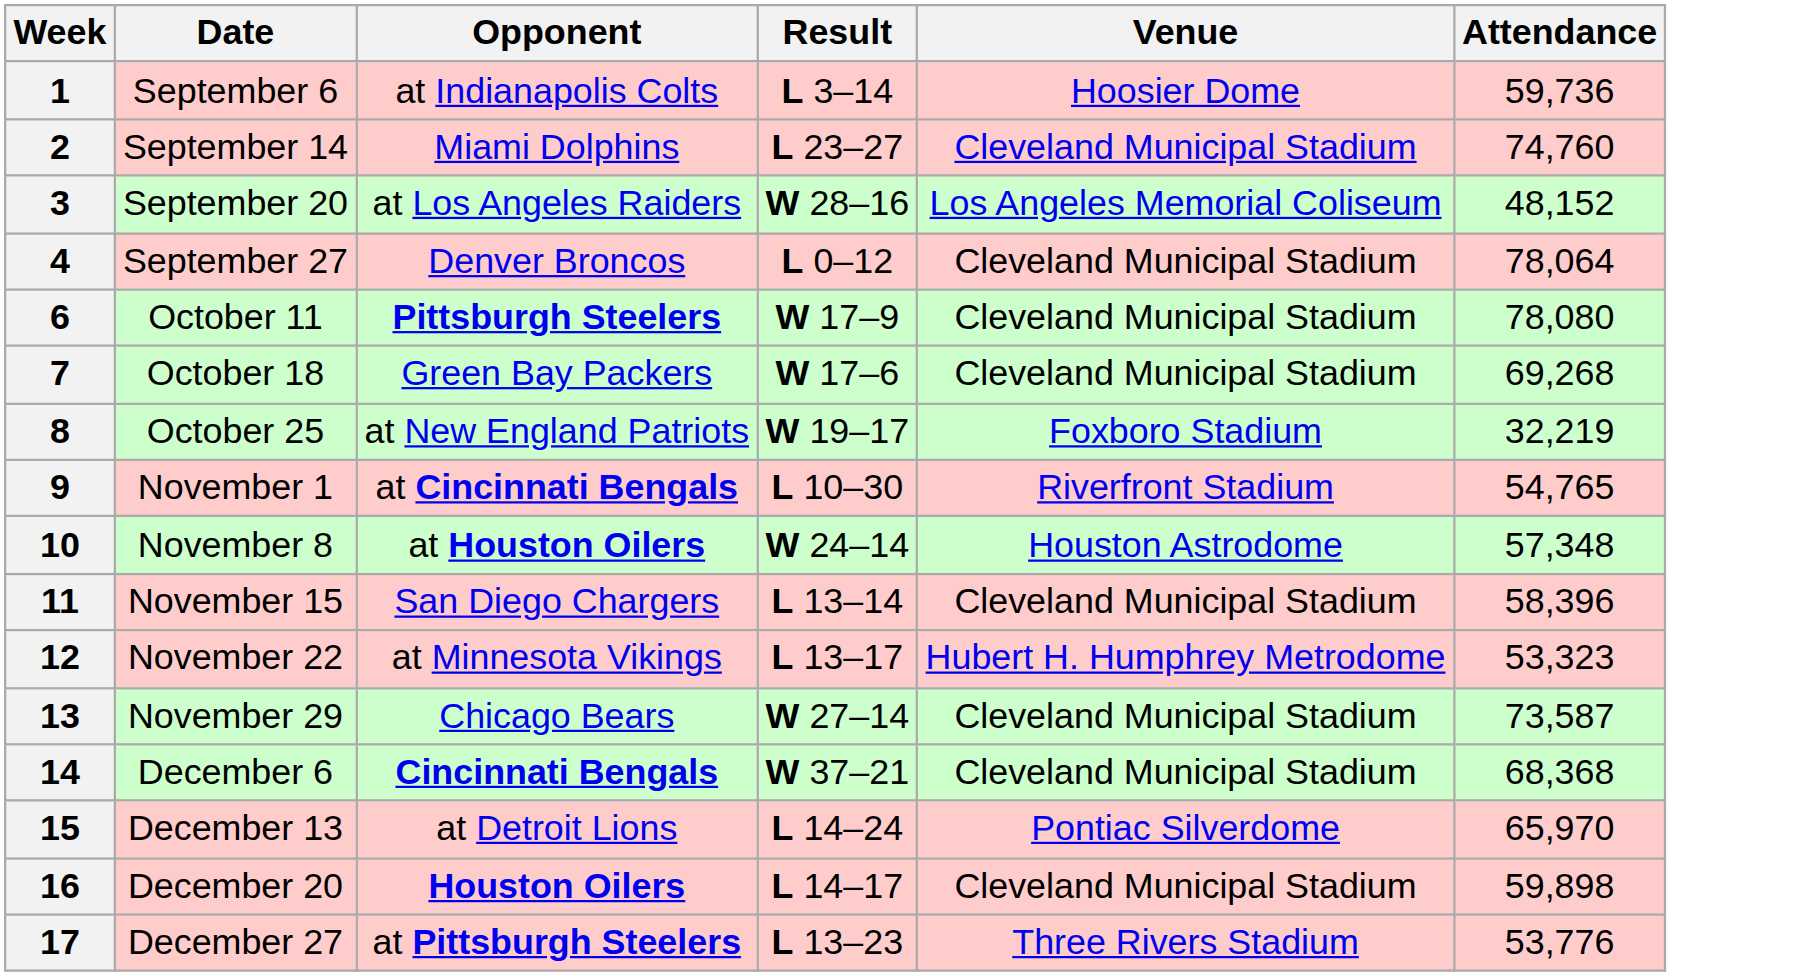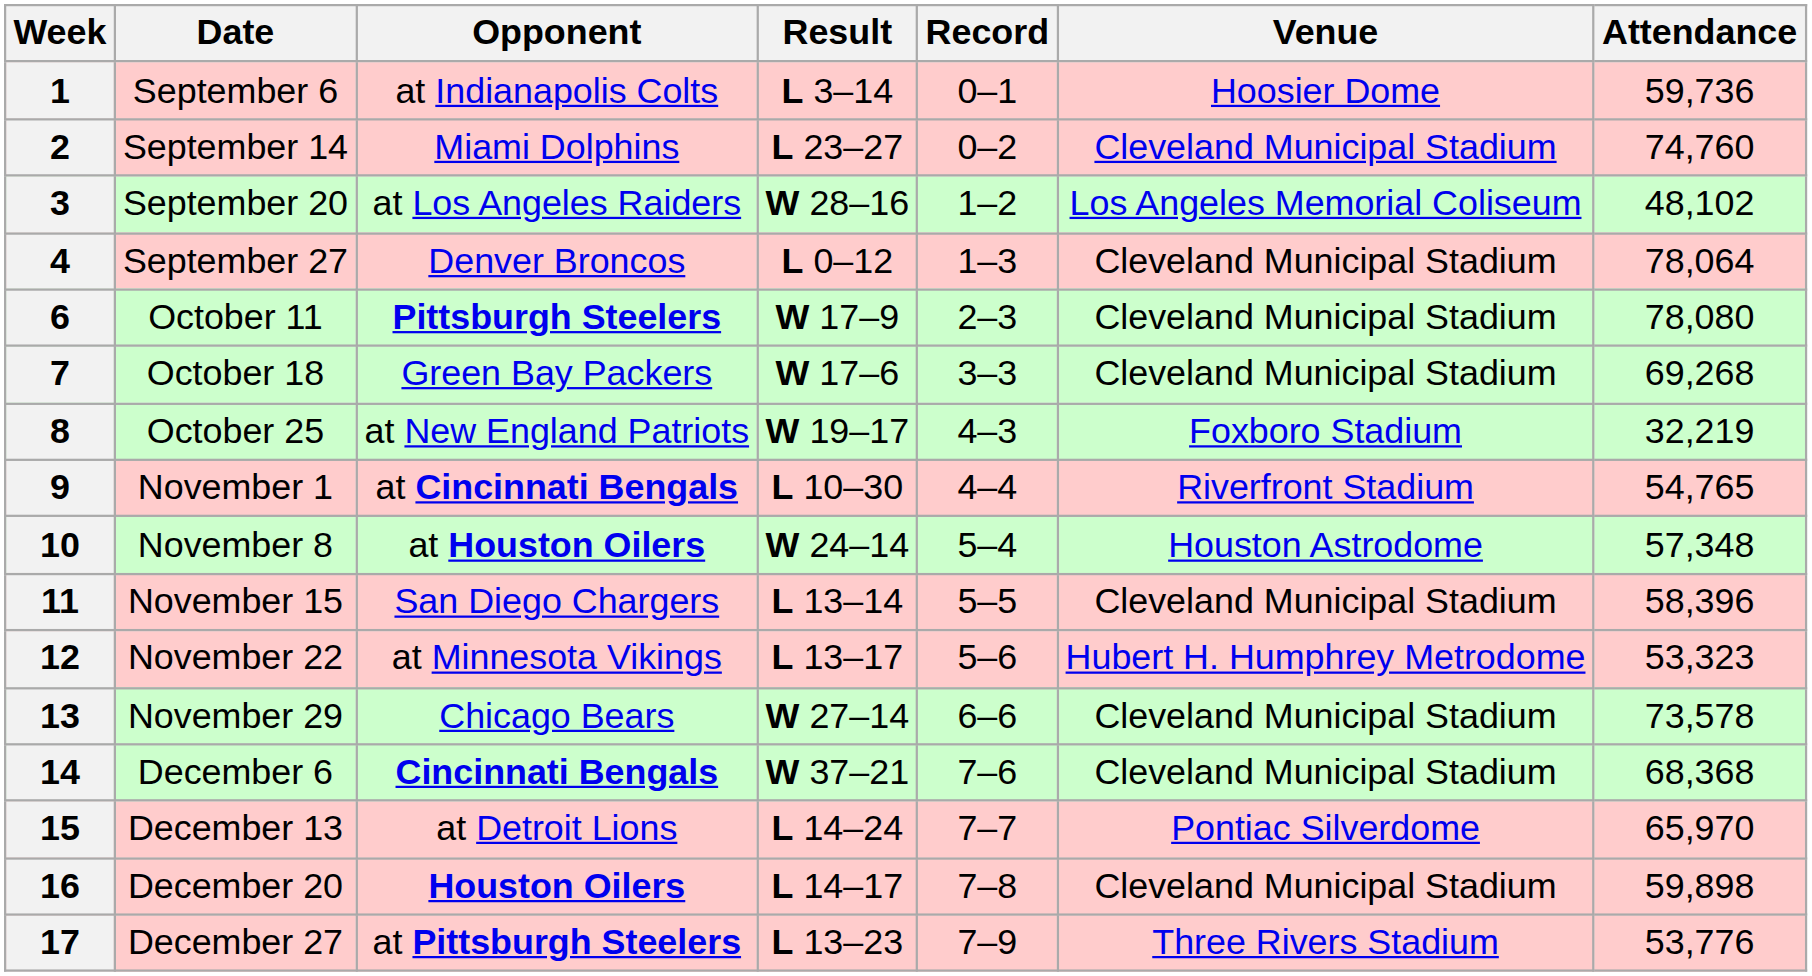 <table class="wikitable" style="text-align:center">
 <tr>
 <th>Week</th>
 <th>Date</th>
 <th>Opponent</th>
 <th>Result</th>
+<th>Record</th>
 <th>Venue</th>
 <th>Attendance</th>
 </tr>
 <tr style="background:#fcc">
 <th>1</th>
 <td>September 6</td>
 <td>at <a href='#'>Indianapolis Colts</a></td>
 <td><strong>L</strong> 3–14</td>
+<td>0–1</td>
 <td><a href='#'>Hoosier Dome</a></td>
 <td>59,736</td>
 </tr>
 <tr style="background:#fcc">
 <th>2</th>
 <td>September 14</td>
 <td><a href='#'>Miami Dolphins</a></td>
 <td><strong>L</strong> 23–27</td>
+<td>0–2</td>
 <td><a href='#'>Cleveland Municipal Stadium</a></td>
 <td>74,760</td>
 </tr>
 <tr style="background:#cfc">
 <th>3</th>
 <td>September 20</td>
 <td>at <a href='#'>Los Angeles Raiders</a></td>
 <td><strong>W</strong> 28–16</td>
+<td>1–2</td>
 <td><a href='#'>Los Angeles Memorial Coliseum</a></td>
-<td>48,152</td>
+<td>48,102</td>
 </tr>
 <tr style="background:#fcc">
 <th>4</th>
 <td>September 27</td>
 <td><a href='#'>Denver Broncos</a></td>
 <td><strong>L</strong> 0–12</td>
+<td>1–3</td>
 <td>Cleveland Municipal Stadium</td>
 <td>78,064</td>
 </tr>
 <tr style="background:#cfc">
 <th>6</th>
 <td>October 11</td>
 <td><strong><a href='#'>Pittsburgh Steelers</a></strong></td>
 <td><strong>W</strong> 17–9</td>
+<td>2–3</td>
 <td>Cleveland Municipal Stadium</td>
 <td>78,080</td>
 </tr>
 <tr style="background:#cfc">
 <th>7</th>
 <td>October 18</td>
 <td><a href='#'>Green Bay Packers</a></td>
 <td><strong>W</strong> 17–6</td>
+<td>3–3</td>
 <td>Cleveland Municipal Stadium</td>
 <td>69,268</td>
 </tr>
 <tr style="background:#cfc">
 <th>8</th>
 <td>October 25</td>
 <td>at <a href='#'>New England Patriots</a></td>
 <td><strong>W</strong> 19–17</td>
+<td>4–3</td>
 <td><a href='#'>Foxboro Stadium</a></td>
 <td>32,219</td>
 </tr>
 <tr style="background:#fcc">
 <th>9</th>
 <td>November 1</td>
 <td>at <strong><a href='#'>Cincinnati Bengals</a></strong></td>
 <td><strong>L</strong> 10–30</td>
+<td>4–4</td>
 <td><a href='#'>Riverfront Stadium</a></td>
 <td>54,765</td>
 </tr>
 <tr style="background:#cfc">
 <th>10</th>
 <td>November 8</td>
 <td>at <strong><a href='#'>Houston Oilers</a></strong></td>
 <td><strong>W</strong> 24–14</td>
+<td>5–4</td>
 <td><a href='#'>Houston Astrodome</a></td>
 <td>57,348</td>
 </tr>
 <tr style="background:#fcc">
 <th>11</th>
 <td>November 15</td>
 <td><a href='#'>San Diego Chargers</a></td>
 <td><strong>L</strong> 13–14</td>
+<td>5–5</td>
 <td>Cleveland Municipal Stadium</td>
 <td>58,396</td>
 </tr>
 <tr style="background:#fcc">
 <th>12</th>
 <td>November 22</td>
 <td>at <a href='#'>Minnesota Vikings</a></td>
 <td><strong>L</strong> 13–17</td>
+<td>5–6</td>
 <td><a href='#'>Hubert H. Humphrey Metrodome</a></td>
 <td>53,323</td>
 </tr>
 <tr style="background:#cfc">
 <th>13</th>
 <td>November 29</td>
 <td><a href='#'>Chicago Bears</a></td>
 <td><strong>W</strong> 27–14</td>
+<td>6–6</td>
 <td>Cleveland Municipal Stadium</td>
-<td>73,587</td>
+<td>73,578</td>
 </tr>
 <tr style="background:#cfc">
 <th>14</th>
 <td>December 6</td>
 <td><strong><a href='#'>Cincinnati Bengals</a></strong></td>
 <td><strong>W</strong> 37–21</td>
+<td>7–6</td>
 <td>Cleveland Municipal Stadium</td>
 <td>68,368</td>
 </tr>
 <tr style="background:#fcc">
 <th>15</th>
 <td>December 13</td>
 <td>at <a href='#'>Detroit Lions</a></td>
 <td><strong>L</strong> 14–24</td>
+<td>7–7</td>
 <td><a href='#'>Pontiac Silverdome</a></td>
 <td>65,970</td>
 </tr>
 <tr style="background:#fcc">
 <th>16</th>
 <td>December 20</td>
 <td><strong><a href='#'>Houston Oilers</a></strong></td>
 <td><strong>L</strong> 14–17</td>
+<td>7–8</td>
 <td>Cleveland Municipal Stadium</td>
 <td>59,898</td>
 </tr>
 <tr style="background:#fcc">
 <th>17</th>
 <td>December 27</td>
 <td>at <strong><a href='#'>Pittsburgh Steelers</a></strong></td>
 <td><strong>L</strong> 13–23</td>
+<td>7–9</td>
 <td><a href='#'>Three Rivers Stadium</a></td>
 <td>53,776</td>
 </tr>
 </table>
